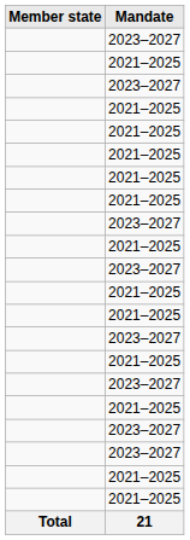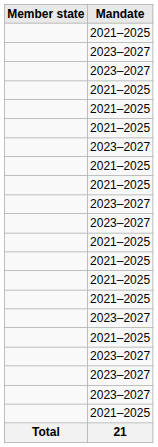 <table class="wikitable sortable" style="text-align:left;">
 <tr>
 <th style="text-align:center; background:#e9e9e9; vertical-align:top;">Member state</th>
 <th style="background:#e9e9e9; text-align:center;">Mandate</th>
 </tr>
 <tr>
 <td></td>
+<td>2021–2025</td>
+</tr>
+<tr>
+<td></td>
 <td>2023–2027</td>
+</tr>
+<tr>
+<td></td>
+<td>2023–2027</td>
+</tr>
+<tr>
+<td></td>
+<td>2021–2025</td>
+</tr>
+<tr>
+<td></td>
+<td>2021–2025</td>
 </tr>
 <tr>
 <td></td>
 <td>2021–2025</td>
 </tr>
 <tr>
 <td></td>
 <td>2023–2027</td>
 </tr>
 <tr>
 <td></td>
 <td>2021–2025</td>
+</tr>
+<tr>
+<td></td>
+<td>2021–2025</td>
+</tr>
+<tr>
+<td></td>
+<td>2023–2027</td>
+</tr>
+<tr>
+<td></td>
+<td>2023–2027</td>
 </tr>
 <tr>
 <td></td>
 <td>2021–2025</td>
 </tr>
 <tr>
 <td></td>
 <td>2021–2025</td>
 </tr>
 <tr>
 <td></td>
 <td>2021–2025</td>
 </tr>
 <tr>
 <td></td>
 <td>2021–2025</td>
 </tr>
 <tr>
 <td></td>
 <td>2023–2027</td>
 </tr>
 <tr>
 <td></td>
 <td>2021–2025</td>
 </tr>
 <tr>
 <td></td>
 <td>2023–2027</td>
 </tr>
 <tr>
 <td></td>
-<td>2021–2025</td>
-</tr>
-<tr>
-<td></td>
-<td>2021–2025</td>
-</tr>
-<tr>
-<td></td>
-<td>2023–2027</td>
-</tr>
-<tr>
-<td></td>
-<td>2021–2025</td>
-</tr>
-<tr>
-<td></td>
-<td>2023–2027</td>
-</tr>
-<tr>
-<td></td>
-<td>2021–2025</td>
-</tr>
-<tr>
-<td></td>
 <td>2023–2027</td>
 </tr>
 <tr>
 <td></td>
 <td>2023–2027</td>
 </tr>
 <tr>
 <td></td>
 <td>2021–2025</td>
 </tr>
 <tr>
-<td></td>
-<td>2021–2025</td>
-</tr>
-<tr>
 <th>Total</th>
 <th>21</th>
 </tr>
 </table>
